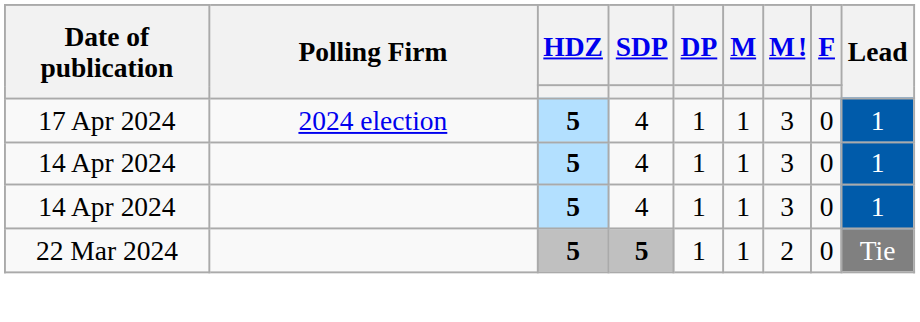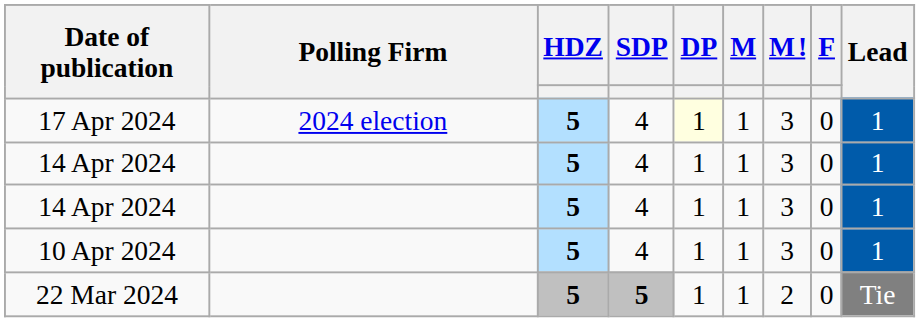 <table class="wikitable sortable" style="text-align:center; font-size:90%; line-height:16px;">
 <tr style="height:42px;">
 <th style="width:100px;" rowspan="2">Date of publication</th>
 <th style="width:165px;" rowspan="2">Polling Firm</th>
 <th><a href='#'>HDZ</a></th>
 <th><a href='#'>SDP</a></th>
 <th><a href='#'>DP</a></th>
 <th><a href='#'>M</a></th>
 <th style="letter-spacing:-1px;"><a href='#'>M !</a></th>
 <th><a href='#'>F</a></th>
 <th class="unsortable" style="width:20px;" rowspan="2">Lead</th>
 </tr>
 <tr>
 <th style="color:inherit;background:"></th>
 <th data-sort-type="number" style="color:inherit;background:"></th>
 <th style="color:inherit;background:"></th>
 <th style="color:inherit;background:"></th>
 <th style="color:inherit;background:"></th>
 <th style="color:inherit;background:"></th>
 </tr>
 <tr>
 <td>17 Apr 2024</td>
 <td><a href='#'>2024 election</a></td>
 <td style="background:#B3E0FF"><strong>5</strong></td>
 <td>4</td>
-<td>1</td>
+<td style="background: lightyellow;">1</td>
 <td>1</td>
 <td>3</td>
 <td>0</td>
 <td style="background:#005BAA; color: white">1</td>
 </tr>
 <tr>
 <td>14 Apr 2024</td>
 <td></td>
 <td style="background:#B3E0FF"><strong>5</strong></td>
 <td>4</td>
 <td>1</td>
 <td>1</td>
 <td>3</td>
 <td>0</td>
 <td style="background:#005BAA; color: white">1</td>
 </tr>
 <tr>
 <td>14 Apr 2024</td>
 <td></td>
 <td style="background:#B3E0FF"><strong>5</strong></td>
 <td>4</td>
 <td>1</td>
 <td>1</td>
 <td>3</td>
 <td>0</td>
 <td style="background:#005BAA; color: white">1</td>
 </tr>
 <tr>
+<td>10 Apr 2024</td>
+<td></td>
+<td style="background:#B3E0FF"><strong>5</strong></td>
+<td>4</td>
+<td>1</td>
+<td>1</td>
+<td>3</td>
+<td>0</td>
+<td style="background:#005BAA; color: white">1</td>
+</tr>
+<tr>
 <td>22 Mar 2024</td>
 <td></td>
 <td style="background:#C0C0C0"><strong>5</strong></td>
 <td style="background:#C0C0C0"><strong>5</strong></td>
 <td>1</td>
 <td>1</td>
 <td>2</td>
 <td>0</td>
 <td style="background:#808080; color:white;">Tie</td>
 </tr>
 </table>
